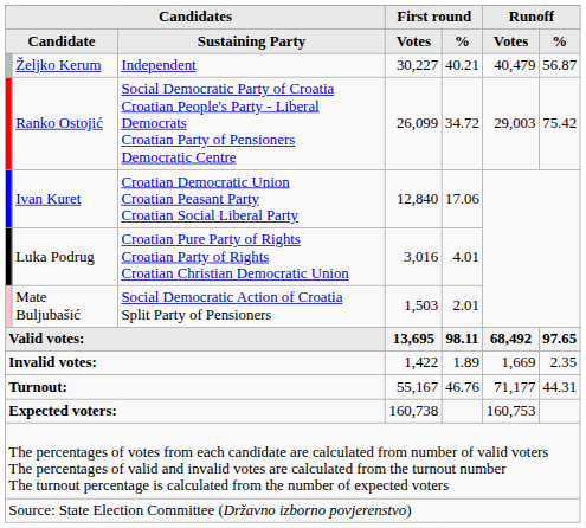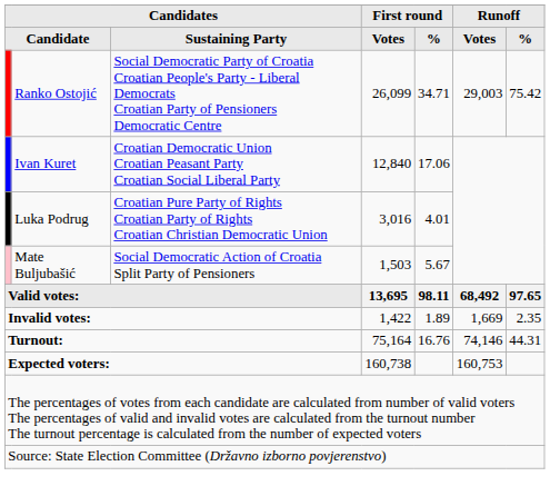 <table class="wikitable" border="1">
 <tr>
 </tr>
 <tr style="background-color:#C9C9C9">
 <th style="background-color:#E9E9E9" align= center colspan="3">Candidates</th>
 <th style="background-color:#E9E9E9" align= center colspan="2">First round</th>
 <th style="background-color:#E9E9E9" align= center colspan="2">Runoff</th>
 </tr>
 <tr>
 <th style="background-color:#E9E9E9" align= center colspan="2">Candidate</th>
 <th style="background-color:#E9E9E9" align= center>Sustaining Party</th>
 <th style="background-color:#E9E9E9" align= center>Votes</th>
 <th style="background-color:#E9E9E9" align= center>%</th>
 <th style="background-color:#E9E9E9" align= center>Votes</th>
 <th style="background-color:#E9E9E9" align= center>%</th>
 </tr>
 <tr>
-<td bgcolor="#B2BEB5"></td>
-<td align = left><a href='#'>Željko Kerum</a></td>
-<td align = left><a href='#'>Independent</a></td>
-<td align = right>30,227</td>
-<td align = right>40.21</td>
-<td align = right>40,479</td>
-<td align = right>56.87</td>
-</tr>
-<tr>
 <td bgcolor="red"></td>
 <td align = left><a href='#'>Ranko Ostojić</a></td>
 <td align = left><a href='#'>Social Democratic Party of Croatia</a> <br> <a href='#'>Croatian People's Party - Liberal Democrats</a> <br> <a href='#'>Croatian Party of Pensioners</a> <br> <a href='#'>Democratic Centre</a></td>
 <td align = right>26,099</td>
-<td align = right>34.72</td>
+<td align = right>34.71</td>
 <td align = right>29,003</td>
 <td align = right>75.42</td>
 </tr>
 <tr>
 <td bgcolor="blue"></td>
 <td align = left><a href='#'>Ivan Kuret</a></td>
 <td align = left><a href='#'>Croatian Democratic Union</a> <br> <a href='#'>Croatian Peasant Party</a> <br> <a href='#'>Croatian Social Liberal Party</a></td>
 <td align = right>12,840</td>
 <td align = right>17.06</td>
 <td colspan=2; rowspan=3></td>
 </tr>
 <tr>
 <td bgcolor="black"></td>
 <td align = left>Luka Podrug</td>
 <td align = left><a href='#'>Croatian Pure Party of Rights</a> <br> <a href='#'>Croatian Party of Rights</a> <br> <a href='#'>Croatian Christian Democratic Union</a></td>
 <td align = right>3,016</td>
 <td align = right>4.01</td>
 </tr>
 <tr>
 <td bgcolor="pink"></td>
 <td align = left>Mate Buljubašić</td>
 <td align = left><a href='#'>Social Democratic Action of Croatia</a> <br> Split Party of Pensioners</td>
 <td align = right>1,503</td>
-<td align = right>2.01</td>
+<td align = right>5.67</td>
 </tr>
 <tr style="background-color:#E9E9E9">
 <td align=left colspan=3><strong>Valid votes:</strong></td>
 <th align= right>13,695</th>
 <th align= right>98.11</th>
 <th align=right>68,492</th>
 <th align=right>97.65</th>
 </tr>
 <tr>
 <td align=left colspan=3><strong>Invalid votes:</strong></td>
 <td align=right>1,422</td>
 <td align=right>1.89</td>
 <td align=right>1,669</td>
 <td align=right>2.35</td>
 </tr>
 <tr>
 <td align=left colspan=3><strong>Turnout:</strong></td>
-<td align=right>55,167</td>
-<td align=right>46.76</td>
-<td align=right>71,177</td>
+<td align=right>75,164</td>
+<td align=right>16.76</td>
+<td align=right>74,146</td>
 <td align=right>44.31</td>
 </tr>
 <tr>
 <td align=left colspan=3><strong>Expected voters:</strong></td>
 <td align=right>160,738</td>
 <td align=right></td>
 <td align=right>160,753</td>
 <td align=right></td>
 </tr>
 <tr>
 <td align=left colspan=7><br>The percentages of votes from each candidate are calculated from number of valid voters<br> The percentages of valid and invalid votes are calculated from the turnout number<br> The turnout percentage is calculated from the number of expected voters</td>
 </tr>
 <tr>
 <td align=left colspan=7>Source: State Election Committee (<em>Državno izborno povjerenstvo</em>)  </td>
 </tr>
 </table>
